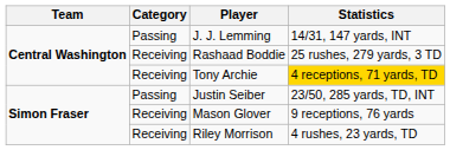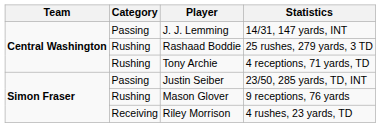 <table class="wikitable" style="float: right;">
 <tr>
 <th>Team</th>
 <th>Category</th>
 <th>Player</th>
 <th>Statistics</th>
 </tr>
 <tr>
 <td rowspan=3><strong>Central Washington</strong></td>
 <td>Passing</td>
 <td>J. J. Lemming</td>
 <td>14/31, 147 yards, INT</td>
 </tr>
 <tr>
-<td>Receiving</td>
+<td>Rushing</td>
 <td>Rashaad Boddie</td>
 <td>25 rushes, 279 yards, 3 TD</td>
 </tr>
 <tr>
-<td>Receiving</td>
+<td>Rushing</td>
 <td>Tony Archie</td>
-<td style="background: gold;">4 receptions, 71 yards, TD</td>
+<td>4 receptions, 71 yards, TD</td>
 </tr>
 <tr>
 <td rowspan=3><strong>Simon Fraser</strong></td>
 <td>Passing</td>
 <td>Justin Seiber</td>
 <td>23/50, 285 yards, TD, INT</td>
 </tr>
 <tr>
-<td>Receiving</td>
+<td>Rushing</td>
 <td>Mason Glover</td>
 <td>9 receptions, 76 yards</td>
 </tr>
 <tr>
 <td>Receiving</td>
 <td>Riley Morrison</td>
 <td>4 rushes, 23 yards, TD</td>
 </tr>
 </table>
